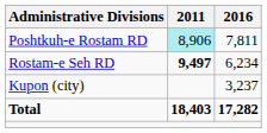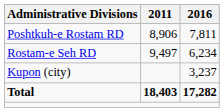 <table class="wikitable">
 <tr>
 <th>Administrative Divisions</th>
 <th>2011</th>
 <th>2016</th>
 </tr>
 <tr>
 <td><a href='#'>Poshtkuh-e Rostam RD</a></td>
-<td style="background: paleturquoise; text-align: right;">8,906</td>
+<td style="text-align: right;">8,906</td>
 <td style="text-align: right;">7,811</td>
 </tr>
 <tr>
 <td><a href='#'>Rostam-e Seh RD</a></td>
-<td style="text-align: right;"><strong>9,497</strong></td>
+<td style="text-align: right;">9,497</td>
 <td style="text-align: right;">6,234</td>
 </tr>
 <tr>
 <td><a href='#'>Kupon</a> (city)</td>
 <td style="text-align: right;"></td>
 <td style="text-align: right;">3,237</td>
 </tr>
 <tr>
 <td><strong>Total</strong></td>
 <td style="text-align: right;"><strong>18,403</strong></td>
 <td style="text-align: right;"><strong>17,282</strong></td>
 </tr>
 <tr>
 <td colspan=3></td>
 </tr>
 </table>
